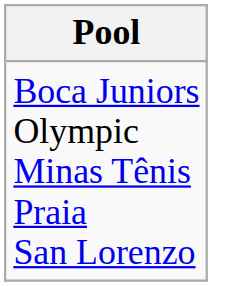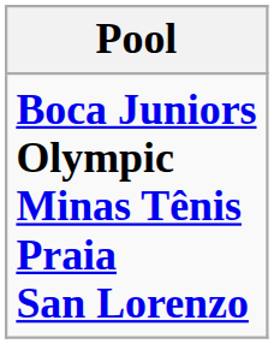 <table class="wikitable">
 <tr>
 <th>Pool</th>
 </tr>
 <tr>
-<td> <a href='#'>Boca Juniors</a><br> Olympic<br>  <a href='#'>Minas Tênis</a><br> <a href='#'>Praia</a><br> <a href='#'>San Lorenzo</a></td>
+<td><strong> <a href='#'>Boca Juniors</a><br> Olympic<br>  <a href='#'>Minas Tênis</a><br> <a href='#'>Praia</a><br> <a href='#'>San Lorenzo</a></strong></td>
 </tr>
 </table>
